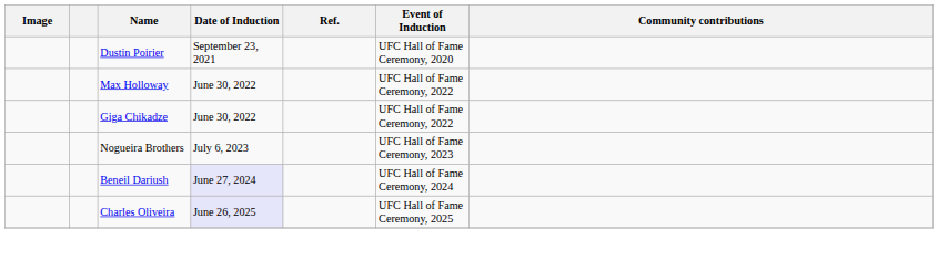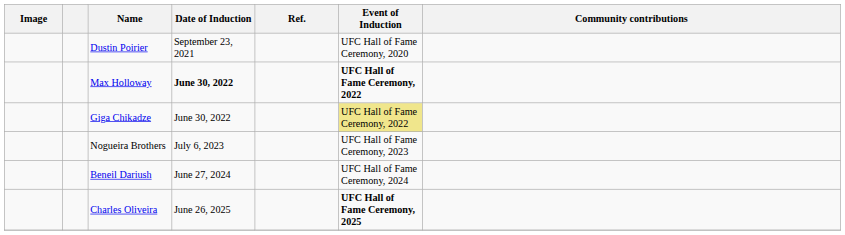 <table class="wikitable sortable" style="font-size: 95%">
 <tr>
 <th style="width:7%;">Image</th>
 <th width=3%></th>
 <th style="width:10%;">Name</th>
 <th style="width:10%;">Date of Induction</th>
 <th style="width:10%;">Ref.</th>
 <th style="width:10%;">Event of Induction</th>
 <th class="unsortable"><strong>Community contributions</strong></th>
 </tr>
 <tr>
 <td></td>
 <td></td>
 <td><a href='#'>Dustin Poirier</a></td>
 <td>September 23, 2021</td>
 <td></td>
 <td>UFC Hall of Fame Ceremony, 2020</td>
 <td></td>
 </tr>
 <tr>
 <td></td>
 <td></td>
 <td><a href='#'>Max Holloway</a></td>
-<td>June 30, 2022</td>
+<td><strong>June 30, 2022</strong></td>
 <td></td>
-<td>UFC Hall of Fame Ceremony, 2022</td>
+<td><strong>UFC Hall of Fame Ceremony, 2022</strong></td>
 <td></td>
 </tr>
 <tr>
 <td></td>
 <td></td>
 <td><a href='#'>Giga Chikadze</a></td>
 <td>June 30, 2022</td>
 <td></td>
-<td>UFC Hall of Fame Ceremony, 2022</td>
+<td style="background: khaki;">UFC Hall of Fame Ceremony, 2022</td>
 <td></td>
 </tr>
 <tr>
 <td><br></td>
 <td></td>
 <td>Nogueira Brothers <br> </td>
 <td>July 6, 2023</td>
 <td></td>
 <td>UFC Hall of Fame Ceremony, 2023</td>
 <td></td>
 </tr>
 <tr>
 <td></td>
 <td></td>
 <td><a href='#'>Beneil Dariush</a></td>
-<td style="background: lavender;">June 27, 2024</td>
+<td>June 27, 2024</td>
 <td></td>
 <td>UFC Hall of Fame Ceremony, 2024</td>
 <td></td>
 </tr>
 <tr>
 <td></td>
 <td></td>
 <td><a href='#'>Charles Oliveira</a></td>
-<td style="background: lavender;">June 26, 2025</td>
+<td>June 26, 2025</td>
 <td></td>
-<td>UFC Hall of Fame Ceremony, 2025</td>
+<td><strong>UFC Hall of Fame Ceremony, 2025</strong></td>
 <td></td>
 </tr>
 <tr>
 </tr>
 </table>
